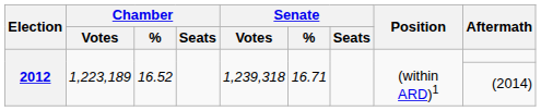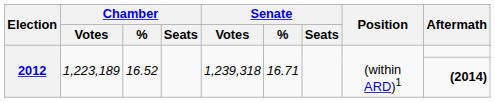 <table class="wikitable" style="text-align: right;">
 <tr>
 <th rowspan="2">Election</th>
 <th colspan="3"><a href='#'>Chamber</a></th>
 <th colspan="3"><a href='#'>Senate</a></th>
 <th rowspan="2">Position</th>
 <th rowspan="2">Aftermath</th>
 </tr>
 <tr>
 <th>Votes</th>
 <th>%</th>
 <th>Seats</th>
 <th>Votes</th>
 <th>%</th>
 <th>Seats</th>
 </tr>
 <tr>
 <th rowspan=2><a href='#'>2012</a></th>
 <td rowspan=2><em>1,223,189</em></td>
 <td rowspan=2><em>16.52</em></td>
 <td rowspan=2></td>
 <td rowspan=2><em>1,239,318</em></td>
 <td rowspan=2><em>16.71</em></td>
 <td rowspan=2></td>
 <td rowspan=2; style="text-align: center;"> <br> (within <a href='#'>ARD</a>)<sup>1</sup></td>
 <td></td>
 </tr>
 <tr>
-<td> (2014)</td>
+<td><strong> (2014)</strong></td>
 </tr>
 </table>
